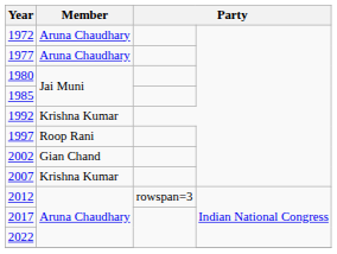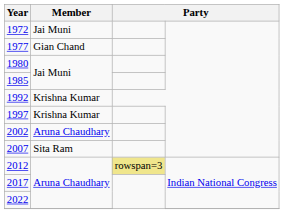 <table class="wikitable sortable">
 <tr>
 <th>Year</th>
 <th>Member</th>
 <th colspan="2">Party</th>
 </tr>
 <tr>
 <td><a href='#'>1972</a></td>
-<td><a href='#'>Aruna Chaudhary</a></td>
+<td>Jai Muni</td>
 <td></td>
 </tr>
 <tr>
 <td><a href='#'>1977</a></td>
-<td><a href='#'>Aruna Chaudhary</a></td>
+<td>Gian Chand</td>
 <td></td>
 </tr>
 <tr>
 <td><a href='#'>1980</a></td>
 <td rowspan=2>Jai Muni</td>
 <td></td>
 </tr>
 <tr>
 <td><a href='#'>1985</a></td>
 <td></td>
 </tr>
 <tr>
 <td><a href='#'>1992</a></td>
 <td>Krishna Kumar</td>
 </tr>
 <tr>
 <td><a href='#'>1997</a></td>
-<td>Roop Rani</td>
+<td>Krishna Kumar</td>
 <td></td>
 </tr>
 <tr>
 <td><a href='#'>2002</a></td>
-<td>Gian Chand</td>
+<td><a href='#'>Aruna Chaudhary</a></td>
 <td></td>
 </tr>
 <tr>
 <td><a href='#'>2007</a></td>
-<td>Krishna Kumar</td>
+<td>Sita Ram</td>
 <td></td>
 </tr>
 <tr>
 <td><a href='#'>2012</a></td>
 <td rowspan=3><a href='#'>Aruna Chaudhary</a></td>
-<td>rowspan=3 </td>
+<td style="background: khaki;">rowspan=3 </td>
 <td rowspan=3><a href='#'>Indian National Congress</a></td>
 </tr>
 <tr>
 <td><a href='#'>2017</a></td>
 </tr>
 <tr>
 <td><a href='#'>2022</a></td>
 </tr>
 <tr>
 </tr>
 </table>
